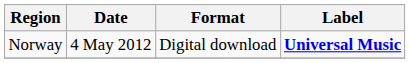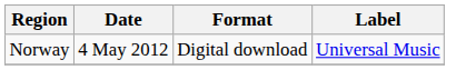 <table class=wikitable>
 <tr>
 <th>Region</th>
 <th>Date</th>
 <th>Format</th>
 <th>Label</th>
 </tr>
 <tr>
 <td>Norway</td>
 <td>4 May 2012</td>
 <td>Digital download</td>
-<td><strong><a href='#'>Universal Music</a></strong></td>
+<td><a href='#'>Universal Music</a></td>
 </tr>
 <tr>
 </tr>
 </table>
